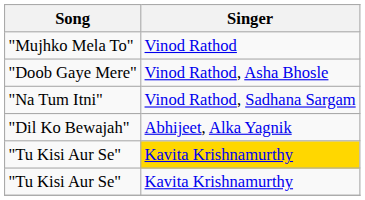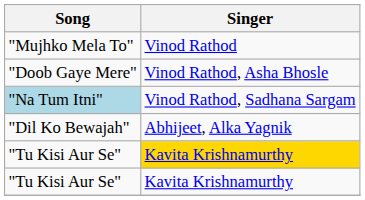 <table class="wikitable" style="font-size:95%">
 <tr>
 <th>Song</th>
 <th>Singer</th>
 </tr>
 <tr>
 <td>"Mujhko Mela To"</td>
 <td><a href='#'>Vinod Rathod</a></td>
 </tr>
 <tr>
 <td>"Doob Gaye Mere"</td>
 <td><a href='#'>Vinod Rathod</a>, <a href='#'>Asha Bhosle</a></td>
 </tr>
 <tr>
-<td>"Na Tum Itni"</td>
+<td style="background: lightblue;">"Na Tum Itni"</td>
 <td><a href='#'>Vinod Rathod</a>, <a href='#'>Sadhana Sargam</a></td>
 </tr>
 <tr>
 <td>"Dil Ko Bewajah"</td>
 <td><a href='#'>Abhijeet</a>, <a href='#'>Alka Yagnik</a></td>
 </tr>
 <tr>
 <td>"Tu Kisi Aur Se"</td>
 <td style="background: gold;"><a href='#'>Kavita Krishnamurthy</a></td>
 </tr>
 <tr>
 <td>"Tu Kisi Aur Se"</td>
 <td><a href='#'>Kavita Krishnamurthy</a></td>
 </tr>
 <tr>
 </tr>
 </table>
